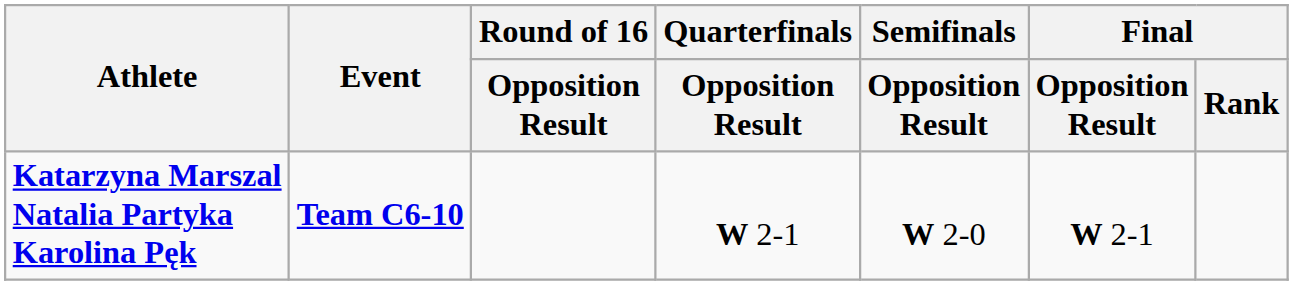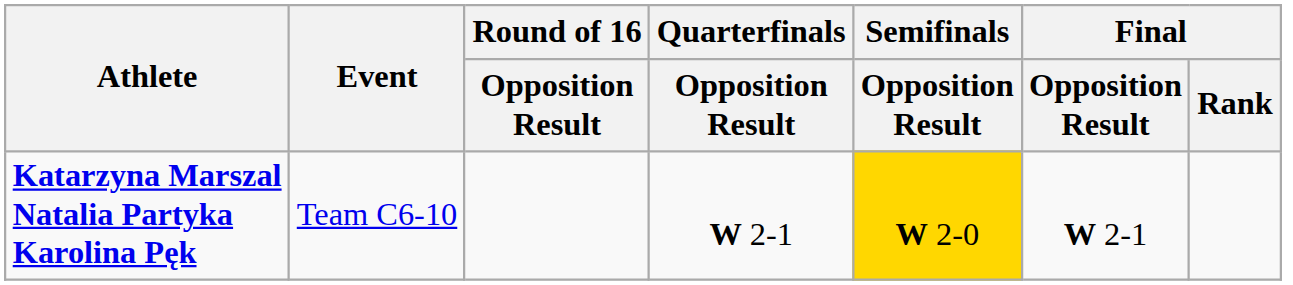 <table class=wikitable style="text-align: center; font-size:90%">
 <tr>
 <th rowspan="2">Athlete</th>
 <th rowspan="2">Event</th>
 <th>Round of 16</th>
 <th>Quarterfinals</th>
 <th>Semifinals</th>
 <th colspan="2">Final</th>
 </tr>
 <tr>
 <th>Opposition<br>Result</th>
 <th>Opposition<br>Result</th>
 <th>Opposition<br>Result</th>
 <th>Opposition<br>Result</th>
 <th>Rank</th>
 </tr>
 <tr>
 <td align=left><strong><a href='#'>Katarzyna Marszal</a><br><a href='#'>Natalia Partyka</a><br><a href='#'>Karolina Pęk</a></strong></td>
-<td align=left><strong><a href='#'>Team C6-10</a></strong></td>
+<td align=left><a href='#'>Team C6-10</a></td>
 <td></td>
 <td><br><strong>W</strong> 2-1</td>
-<td><br><strong>W</strong> 2-0</td>
+<td style="background: gold;"><br><strong>W</strong> 2-0</td>
 <td><br><strong>W</strong> 2-1</td>
 <td></td>
 </tr>
 </table>
